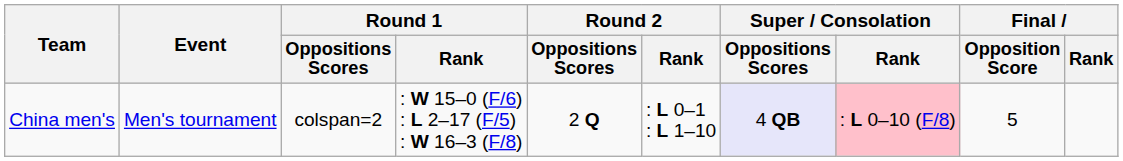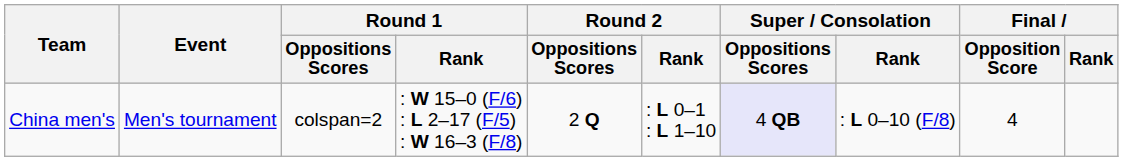 <table class=wikitable style="font-size:90%; text-align:center;">
 <tr>
 <th rowspan=2>Team</th>
 <th rowspan=2>Event</th>
 <th colspan=2>Round 1</th>
 <th colspan=2>Round 2</th>
 <th colspan=2>Super / Consolation</th>
 <th colspan=2>Final / </th>
 </tr>
 <tr style=font-size:95%>
 <th>Oppositions<br>Scores</th>
 <th>Rank</th>
 <th>Oppositions<br>Scores</th>
 <th>Rank</th>
 <th>Oppositions<br>Scores</th>
 <th>Rank</th>
 <th>Opposition<br>Score</th>
 <th>Rank</th>
 </tr>
 <tr>
 <td align=left><a href='#'>China men's</a></td>
 <td align=left><a href='#'>Men's tournament</a></td>
 <td>colspan=2 </td>
 <td align=left>: <strong>W</strong> 15–0 (<a href='#'>F/6</a>)<br>: <strong>L</strong> 2–17 (<a href='#'>F/5</a>)<br>: <strong>W</strong> 16–3 (<a href='#'>F/8</a>)</td>
 <td>2 <strong>Q</strong></td>
 <td align=left>: <strong>L</strong> 0–1<br>: <strong>L</strong> 1–10</td>
 <td style="background: lavender;">4 <strong>QB</strong></td>
-<td align=left style="background: pink;">: <strong>L</strong> 0–10 (<a href='#'>F/8</a>)</td>
-<td>5</td>
+<td align=left>: <strong>L</strong> 0–10 (<a href='#'>F/8</a>)</td>
+<td>4</td>
 </tr>
 </table>
